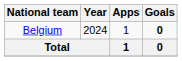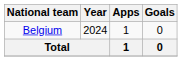 <table class="wikitable" style="text-align:center">
 <tr>
 <th>National team</th>
 <th>Year</th>
 <th>Apps</th>
 <th>Goals</th>
 </tr>
 <tr>
 <td rowspan="1"><a href='#'>Belgium</a></td>
 <td>2024</td>
 <td>1</td>
-<td><strong>0</strong></td>
+<td>0</td>
 </tr>
 <tr>
 <th colspan="2">Total</th>
 <th>1</th>
 <th>0</th>
 </tr>
 <tr>
 </tr>
 </table>
